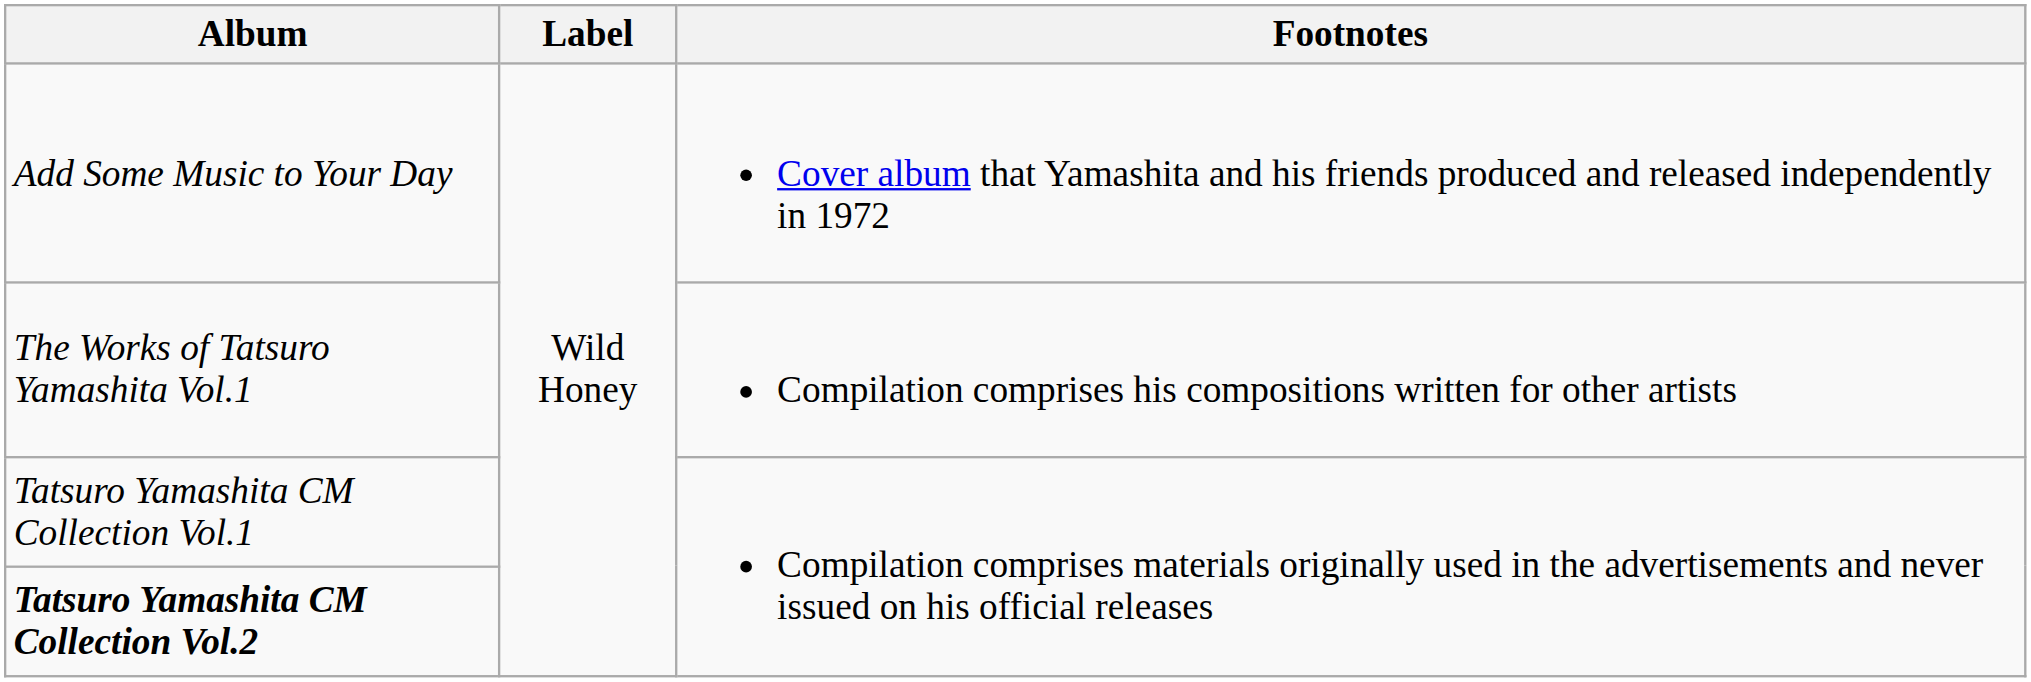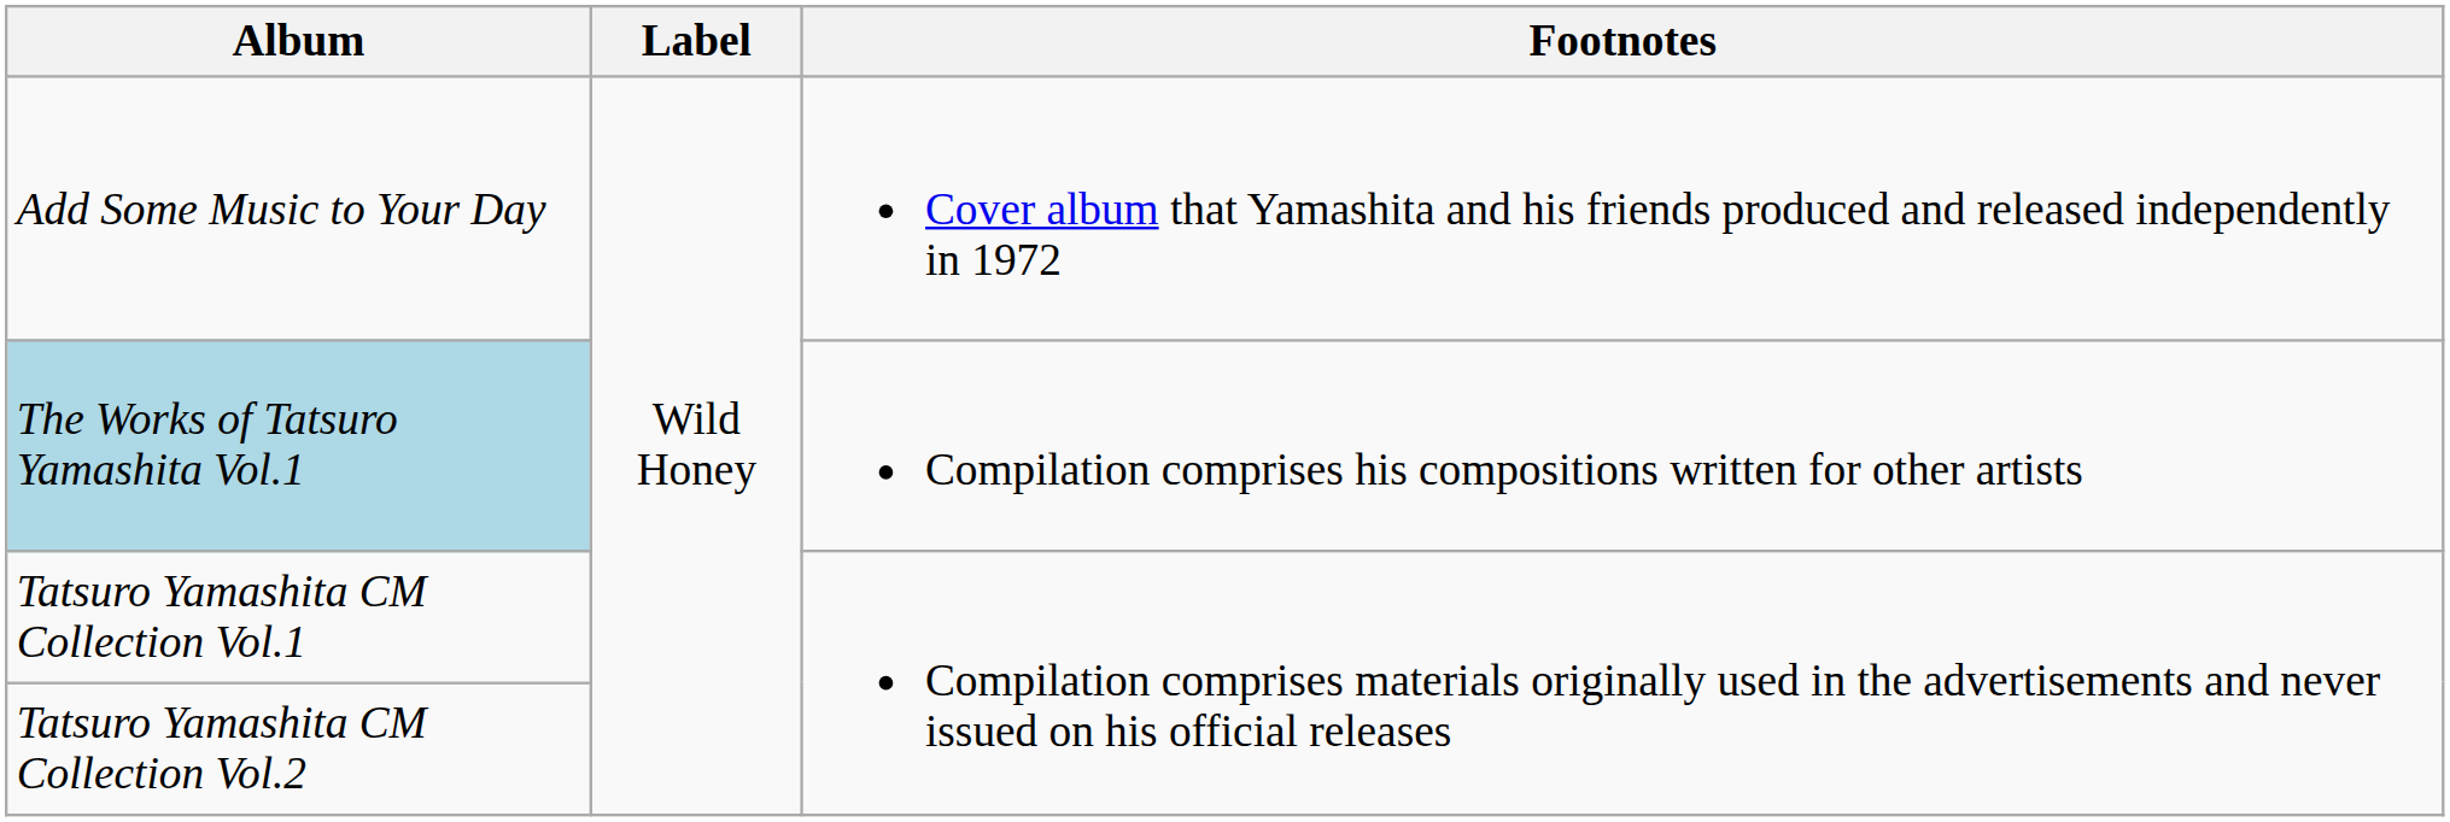 <table class="wikitable">
 <tr>
 <th>Album</th>
 <th>Label</th>
 <th>Footnotes</th>
 </tr>
 <tr>
 <td><em>Add Some Music to Your Day</em></td>
 <td rowspan="4" align="center">Wild Honey</td>
 <td><br><ul><li><a href='#'>Cover album</a> that Yamashita and his friends produced and released independently in 1972</li></ul></td>
 </tr>
 <tr>
-<td><em>The Works of Tatsuro Yamashita Vol.1</em></td>
+<td style="background: lightblue;"><em>The Works of Tatsuro Yamashita Vol.1</em></td>
 <td><br><ul><li>Compilation comprises his compositions written for other artists</li></ul></td>
 </tr>
 <tr>
 <td><em>Tatsuro Yamashita CM Collection Vol.1</em></td>
 <td rowspan="2"><br><ul><li>Compilation comprises materials originally used in the advertisements and never issued on his official releases</li></ul></td>
 </tr>
 <tr>
-<td><strong><em>Tatsuro Yamashita CM Collection Vol.2</em></strong></td>
+<td><em>Tatsuro Yamashita CM Collection Vol.2</em></td>
 </tr>
 </table>
